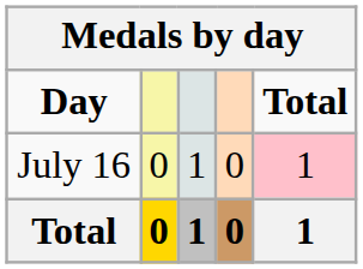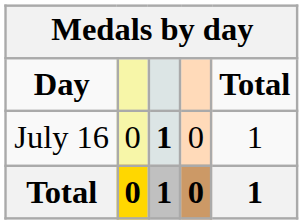 <table class="wikitable" style="font-size:85%; float:right">
 <tr align=center>
 <th colspan=7><strong>Medals by day</strong></th>
 </tr>
 <tr align=center>
 <td><strong>Day</strong></td>
 <td style="background:#f7f6a8;"></td>
 <td style="background:#dce5e5;"></td>
 <td style="background:#ffdab9;"></td>
 <td><strong>Total</strong></td>
 </tr>
 <tr align=center>
 <td>July 16</td>
 <td style="background:#f7f6a8;">0</td>
-<td style="background:#dce5e5;">1</td>
+<td style="background:#dce5e5;"><strong>1</strong></td>
 <td style="background:#ffdab9;">0</td>
-<td style="background: pink;">1</td>
+<td>1</td>
 </tr>
 <tr align=center>
 <th><strong>Total</strong></th>
 <th style="background:gold;"><strong>0</strong></th>
 <th style="background:silver;"><strong>1</strong></th>
 <th style="background:#c96;"><strong>0</strong></th>
 <th><strong>1</strong></th>
 </tr>
 </table>
